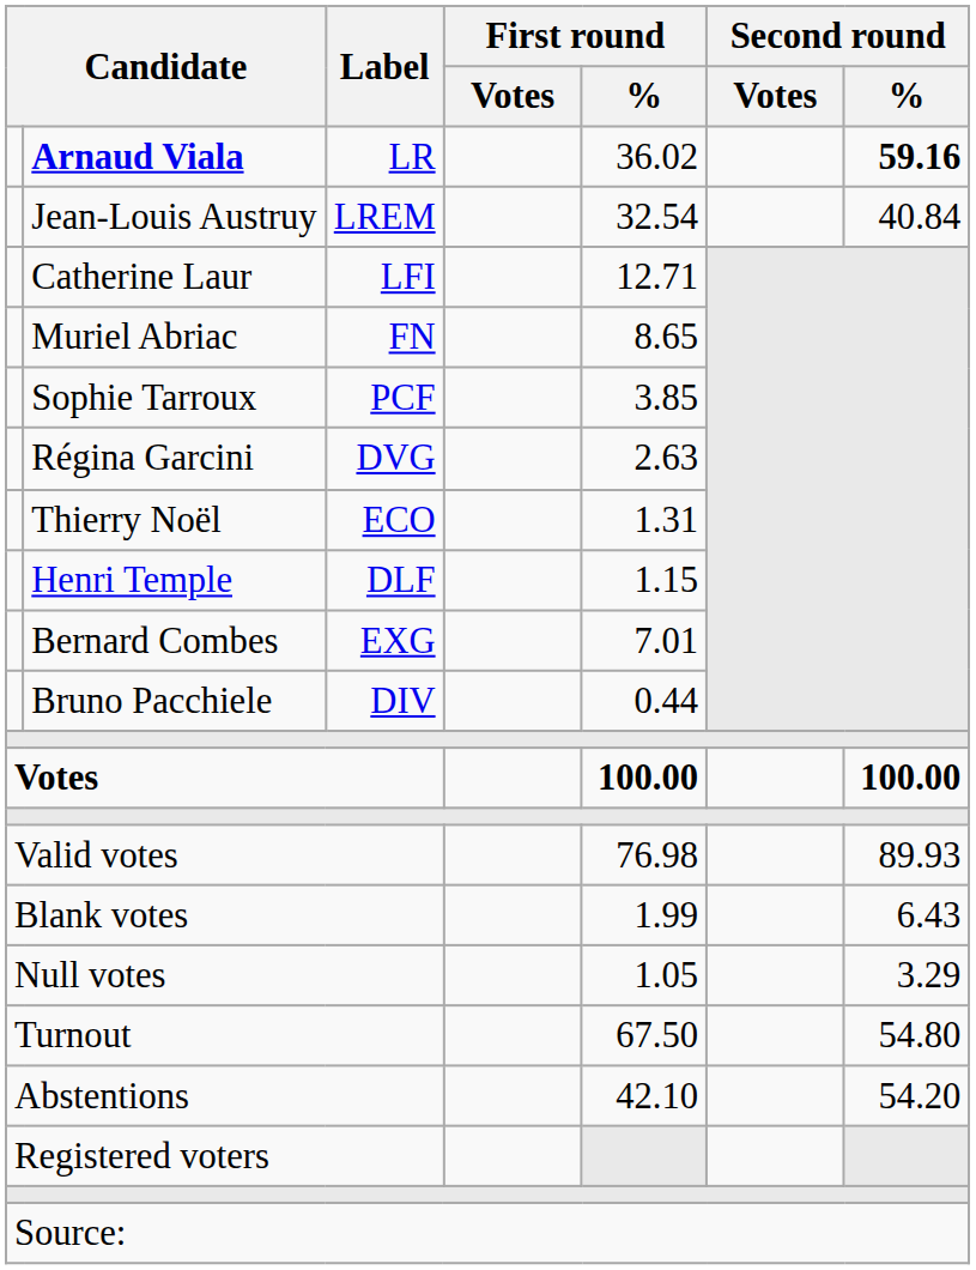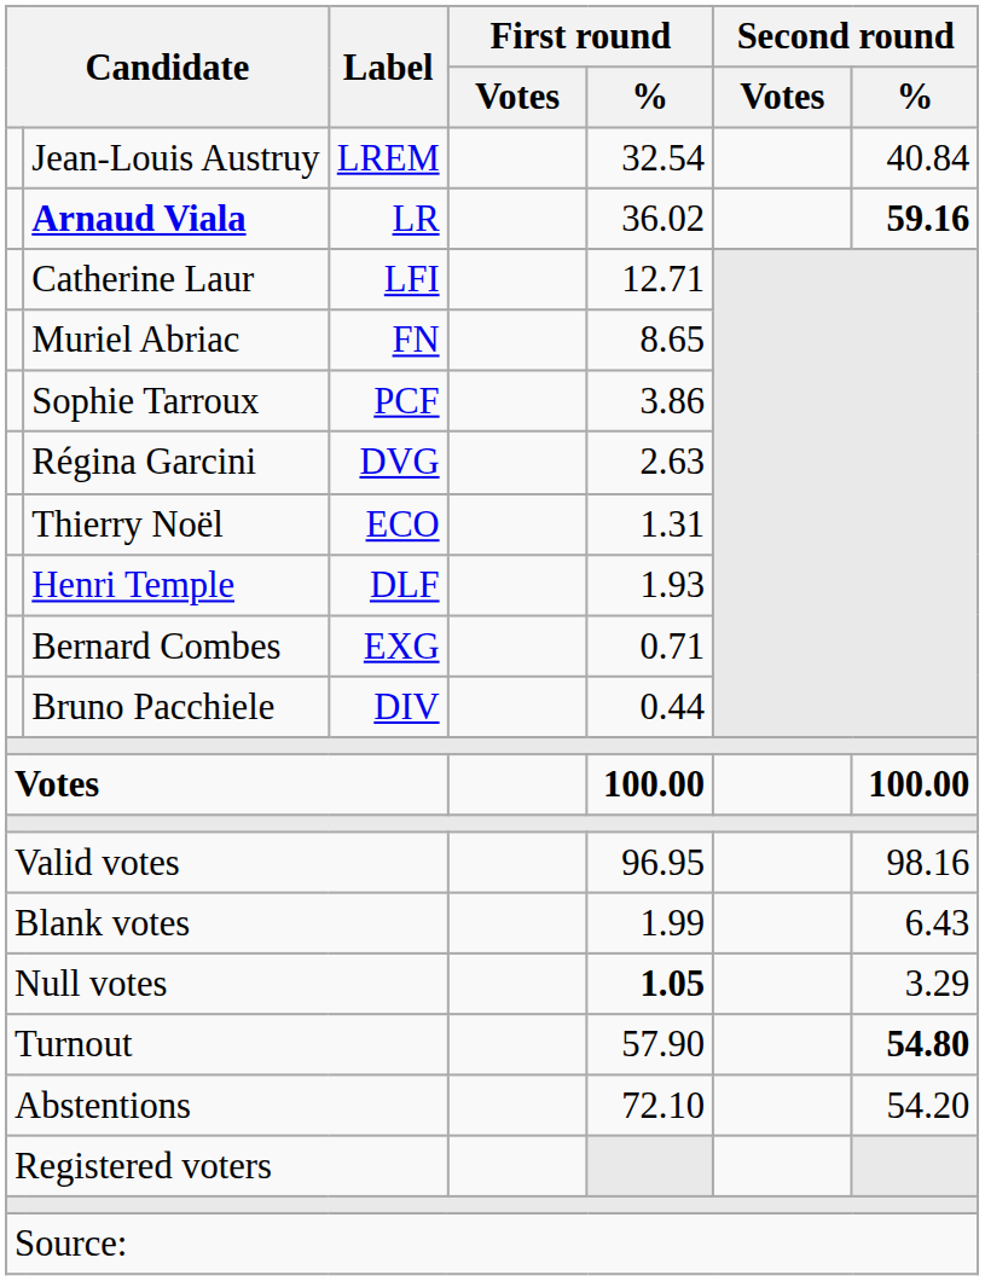 <table class="wikitable" style="text-align:right;font-size:95%;">
 <tr>
 <th colspan="2" rowspan="2">Candidate</th>
 <th rowspan="2">Label</th>
 <th colspan="2">First round</th>
 <th colspan="2">Second round</th>
 </tr>
 <tr>
 <th style="width:50px;">Votes</th>
 <th style="width:45px;">%</th>
 <th style="width:50px;">Votes</th>
 <th style="width:45px;">%</th>
 </tr>
 <tr>
 <td style="color:inherit;background:"></td>
+<td style="text-align:left;">Jean-Louis Austruy</td>
+<td><a href='#'>LREM</a></td>
+<td></td>
+<td>32.54</td>
+<td></td>
+<td>40.84</td>
+</tr>
+<tr>
+<td style="color:inherit;background:"></td>
 <td style="text-align:left;"><strong><a href='#'>Arnaud Viala</a></strong></td>
 <td><a href='#'>LR</a></td>
 <td></td>
 <td>36.02</td>
 <td><strong></strong></td>
 <td><strong>59.16</strong></td>
-</tr>
-<tr>
-<td style="color:inherit;background:"></td>
-<td style="text-align:left;">Jean-Louis Austruy</td>
-<td><a href='#'>LREM</a></td>
-<td></td>
-<td>32.54</td>
-<td></td>
-<td>40.84</td>
 </tr>
 <tr>
 <td style="color:inherit;background:"></td>
 <td style="text-align:left;">Catherine Laur</td>
 <td><a href='#'>LFI</a></td>
 <td></td>
 <td>12.71</td>
 <td colspan="2" rowspan="8" style="background:#E9E9E9;"></td>
 </tr>
 <tr>
 <td style="color:inherit;background:"></td>
 <td style="text-align:left;">Muriel Abriac</td>
 <td><a href='#'>FN</a></td>
 <td></td>
 <td>8.65</td>
 </tr>
 <tr>
 <td style="color:inherit;background:"></td>
 <td style="text-align:left;">Sophie Tarroux</td>
 <td><a href='#'>PCF</a></td>
 <td></td>
-<td>3.85</td>
+<td>3.86</td>
 </tr>
 <tr>
 <td style="color:inherit;background:"></td>
 <td style="text-align:left;">Régina Garcini</td>
 <td><a href='#'>DVG</a></td>
 <td></td>
 <td>2.63</td>
 </tr>
 <tr>
 <td style="color:inherit;background:"></td>
 <td style="text-align:left;">Thierry Noël</td>
 <td><a href='#'>ECO</a></td>
 <td></td>
 <td>1.31</td>
 </tr>
 <tr>
 <td style="color:inherit;background:"></td>
 <td style="text-align:left;"><a href='#'>Henri Temple</a></td>
 <td><a href='#'>DLF</a></td>
 <td></td>
-<td>1.15</td>
+<td>1.93</td>
 </tr>
 <tr>
 <td style="color:inherit;background:"></td>
 <td style="text-align:left;">Bernard Combes</td>
 <td><a href='#'>EXG</a></td>
 <td></td>
-<td>7.01</td>
+<td>0.71</td>
 </tr>
 <tr>
 <td style="color:inherit;background:"></td>
 <td style="text-align:left;">Bruno Pacchiele</td>
 <td><a href='#'>DIV</a></td>
 <td></td>
 <td>0.44</td>
 </tr>
 <tr>
 <td colspan="7" style="background:#E9E9E9;"></td>
 </tr>
 <tr style="font-weight:bold;">
 <td colspan="3" style="text-align:left;">Votes</td>
 <td></td>
 <td>100.00</td>
 <td></td>
 <td>100.00</td>
 </tr>
 <tr>
 <td colspan="7" style="background:#E9E9E9;"></td>
 </tr>
 <tr>
 <td colspan="3" style="text-align:left;">Valid votes</td>
 <td></td>
-<td>76.98</td>
+<td>96.95</td>
 <td></td>
-<td>89.93</td>
+<td>98.16</td>
 </tr>
 <tr>
 <td colspan="3" style="text-align:left;">Blank votes</td>
 <td></td>
 <td>1.99</td>
 <td></td>
 <td>6.43</td>
 </tr>
 <tr>
 <td colspan="3" style="text-align:left;">Null votes</td>
 <td></td>
-<td>1.05</td>
+<td><strong>1.05</strong></td>
 <td></td>
 <td>3.29</td>
 </tr>
 <tr>
 <td colspan="3" style="text-align:left;">Turnout</td>
 <td></td>
-<td>67.50</td>
+<td>57.90</td>
 <td></td>
-<td>54.80</td>
+<td><strong>54.80</strong></td>
 </tr>
 <tr>
 <td colspan="3" style="text-align:left;">Abstentions</td>
 <td></td>
-<td>42.10</td>
+<td>72.10</td>
 <td></td>
 <td>54.20</td>
 </tr>
 <tr>
 <td colspan="3" style="text-align:left;">Registered voters</td>
 <td></td>
 <td style="background:#E9E9E9;"></td>
 <td></td>
 <td style="background:#E9E9E9;"></td>
 </tr>
 <tr>
 <td colspan="7" style="background:#E9E9E9;"></td>
 </tr>
 <tr>
 <td colspan="7" style="text-align:left;">Source: </td>
 </tr>
 </table>
